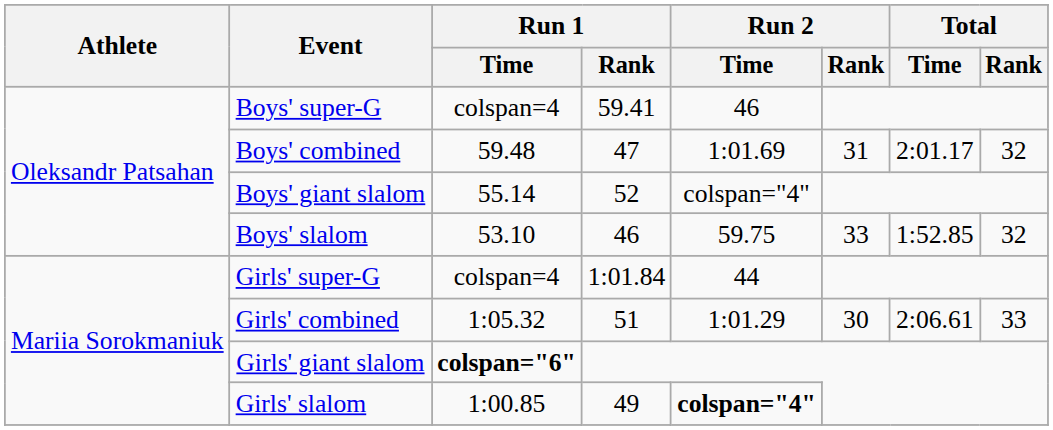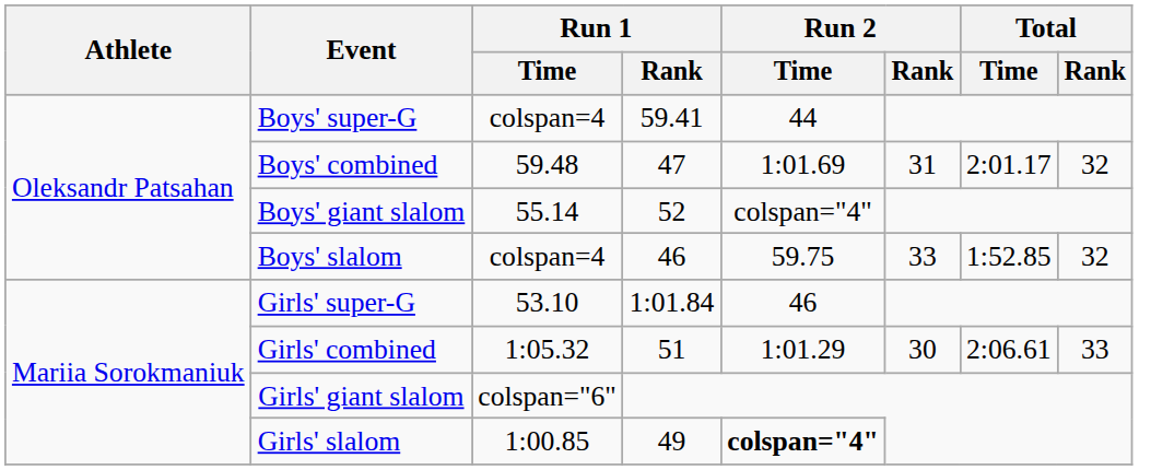 <table class="wikitable" style="font-size:90%; text-align:center">
 <tr>
 <th rowspan=2>Athlete</th>
 <th rowspan=2>Event</th>
 <th colspan=2>Run 1</th>
 <th colspan=2>Run 2</th>
 <th colspan=2>Total</th>
 </tr>
 <tr style="font-size:95%">
 <th>Time</th>
 <th>Rank</th>
 <th>Time</th>
 <th>Rank</th>
 <th>Time</th>
 <th>Rank</th>
 </tr>
 <tr>
 <td align="left" rowspan="4"><a href='#'>Oleksandr Patsahan</a></td>
 <td align="left"><a href='#'>Boys' super-G</a></td>
 <td>colspan=4 </td>
 <td>59.41</td>
-<td>46</td>
+<td>44</td>
 </tr>
 <tr>
 <td align="left"><a href='#'>Boys' combined</a></td>
 <td>59.48</td>
 <td>47</td>
 <td>1:01.69</td>
 <td>31</td>
 <td>2:01.17</td>
 <td>32</td>
 </tr>
 <tr>
 <td><a href='#'>Boys' giant slalom</a></td>
 <td>55.14</td>
 <td>52</td>
 <td>colspan="4" </td>
 </tr>
 <tr>
 <td align="left"><a href='#'>Boys' slalom</a></td>
-<td>53.10</td>
+<td>colspan=4 </td>
 <td>46</td>
 <td>59.75</td>
 <td>33</td>
 <td>1:52.85</td>
 <td>32</td>
 </tr>
 <tr>
 <td rowspan="4" align="left"><a href='#'>Mariia Sorokmaniuk</a></td>
 <td align="left"><a href='#'>Girls' super-G</a></td>
-<td>colspan=4 </td>
+<td>53.10</td>
 <td>1:01.84</td>
-<td>44</td>
+<td>46</td>
 </tr>
 <tr>
 <td align="left"><a href='#'>Girls' combined</a></td>
 <td>1:05.32</td>
 <td>51</td>
 <td>1:01.29</td>
 <td>30</td>
 <td>2:06.61</td>
 <td>33</td>
 </tr>
 <tr>
 <td><a href='#'>Girls' giant slalom</a></td>
-<td><strong>colspan="6" </strong></td>
+<td>colspan="6" </td>
 </tr>
 <tr>
 <td align="left"><a href='#'>Girls' slalom</a></td>
 <td>1:00.85</td>
 <td>49</td>
 <td><strong>colspan="4" </strong></td>
 </tr>
 </table>
